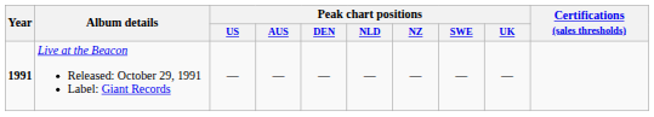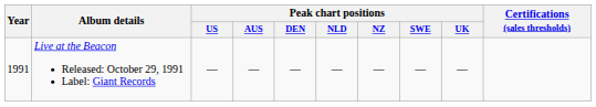 <table class="wikitable" style="text-align:left;">
 <tr>
 <th rowspan="2">Year</th>
 <th rowspan="2" style="width:225px;">Album details</th>
 <th colspan="7">Peak chart positions</th>
 <th rowspan="2" style="width:150px;"><a href='#'>Certifications</a><br><small><a href='#'>(sales thresholds)</a></small></th>
 </tr>
 <tr>
 <th style="width:4em;font-size:85%"><a href='#'>US</a><br></th>
 <th style="width:4em;font-size:85%"><a href='#'>AUS</a><br></th>
 <th style="width:4em;font-size:85%"><a href='#'>DEN</a><br></th>
 <th style="width:4em;font-size:85%"><a href='#'>NLD</a><br></th>
 <th style="width:4em;font-size:85%"><a href='#'>NZ</a><br></th>
 <th style="width:4em;font-size:85%"><a href='#'>SWE</a><br></th>
 <th style="width:4em;font-size:85%"><a href='#'>UK</a><br></th>
 </tr>
 <tr>
-<td><strong>1991</strong></td>
+<td>1991</td>
 <td><em><a href='#'>Live at the Beacon</a></em><br><ul><li>Released: October 29, 1991</li><li>Label: <a href='#'>Giant Records</a></li></ul></td>
 <td style="text-align:center;">—</td>
 <td style="text-align:center;">—</td>
 <td style="text-align:center;">—</td>
 <td style="text-align:center;">—</td>
 <td style="text-align:center;">—</td>
 <td style="text-align:center;">—</td>
 <td style="text-align:center;">—</td>
 <td></td>
 </tr>
 </table>
